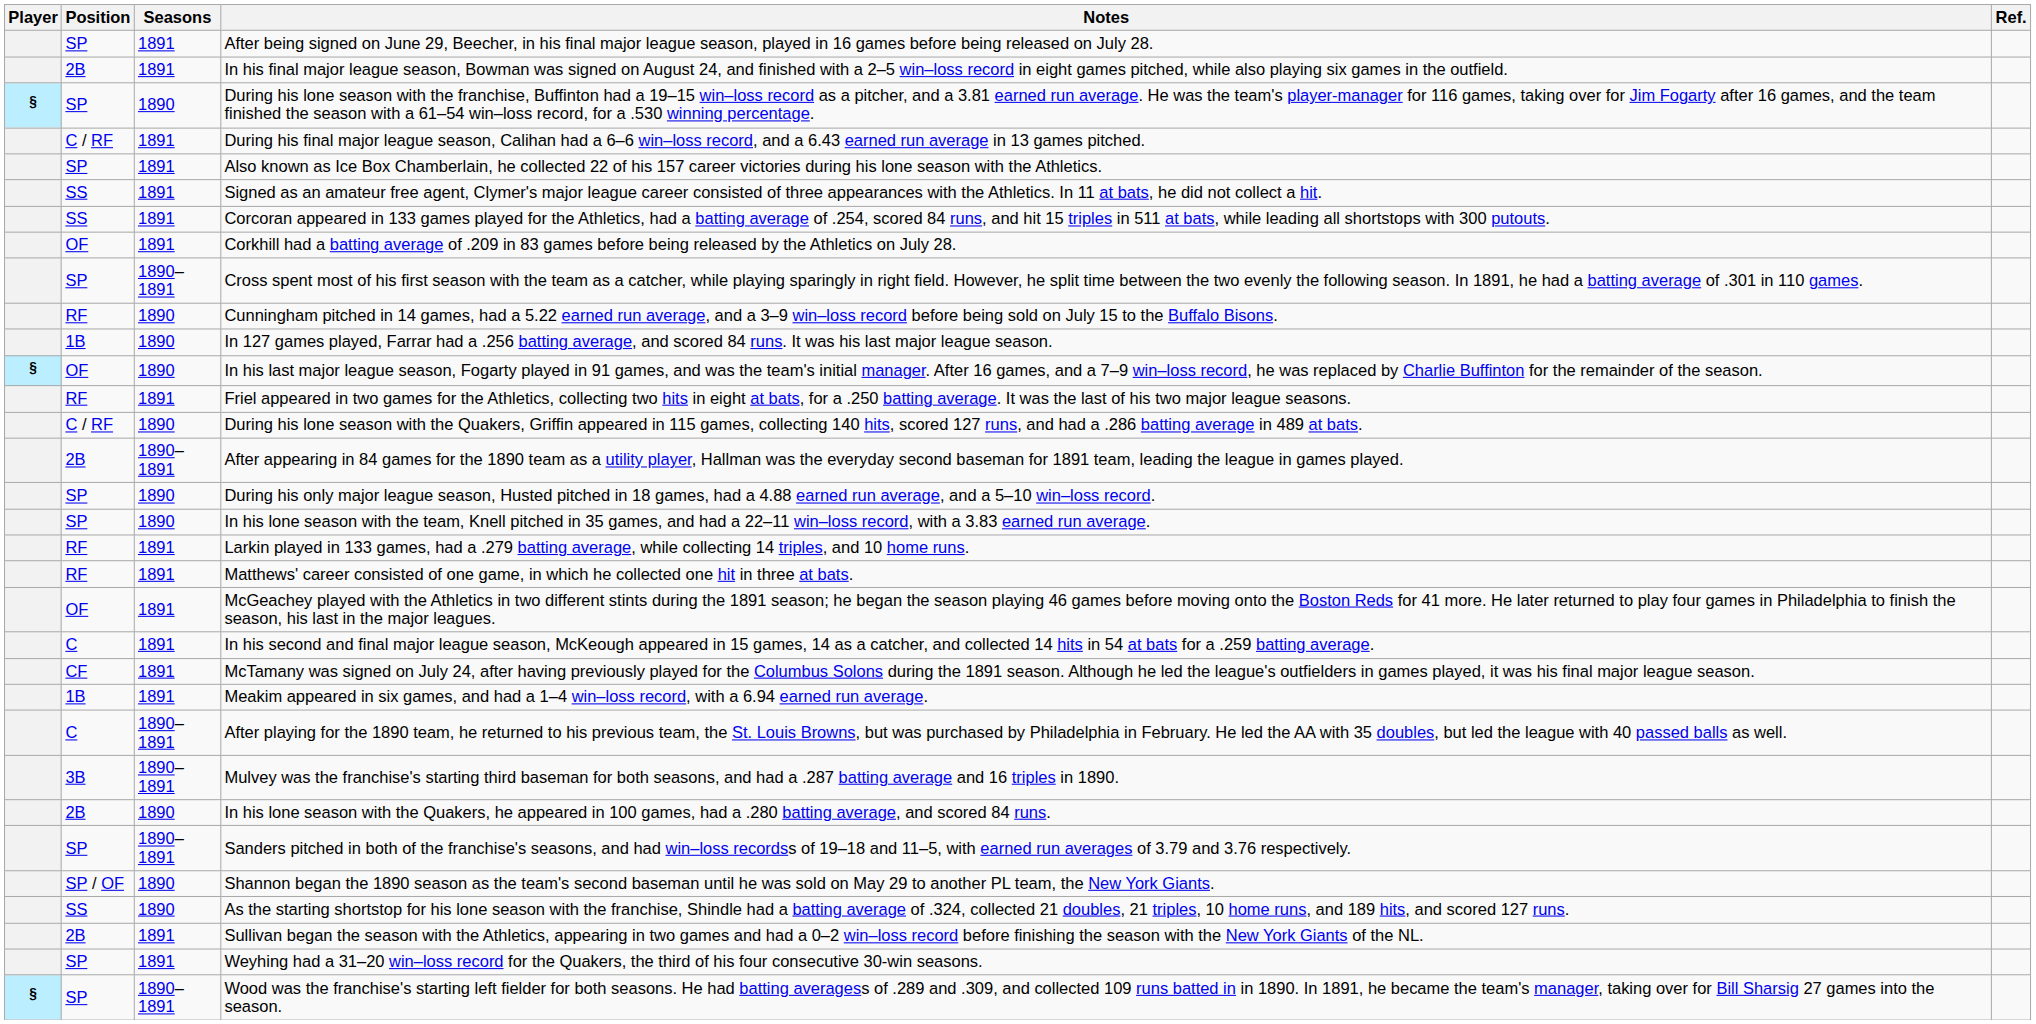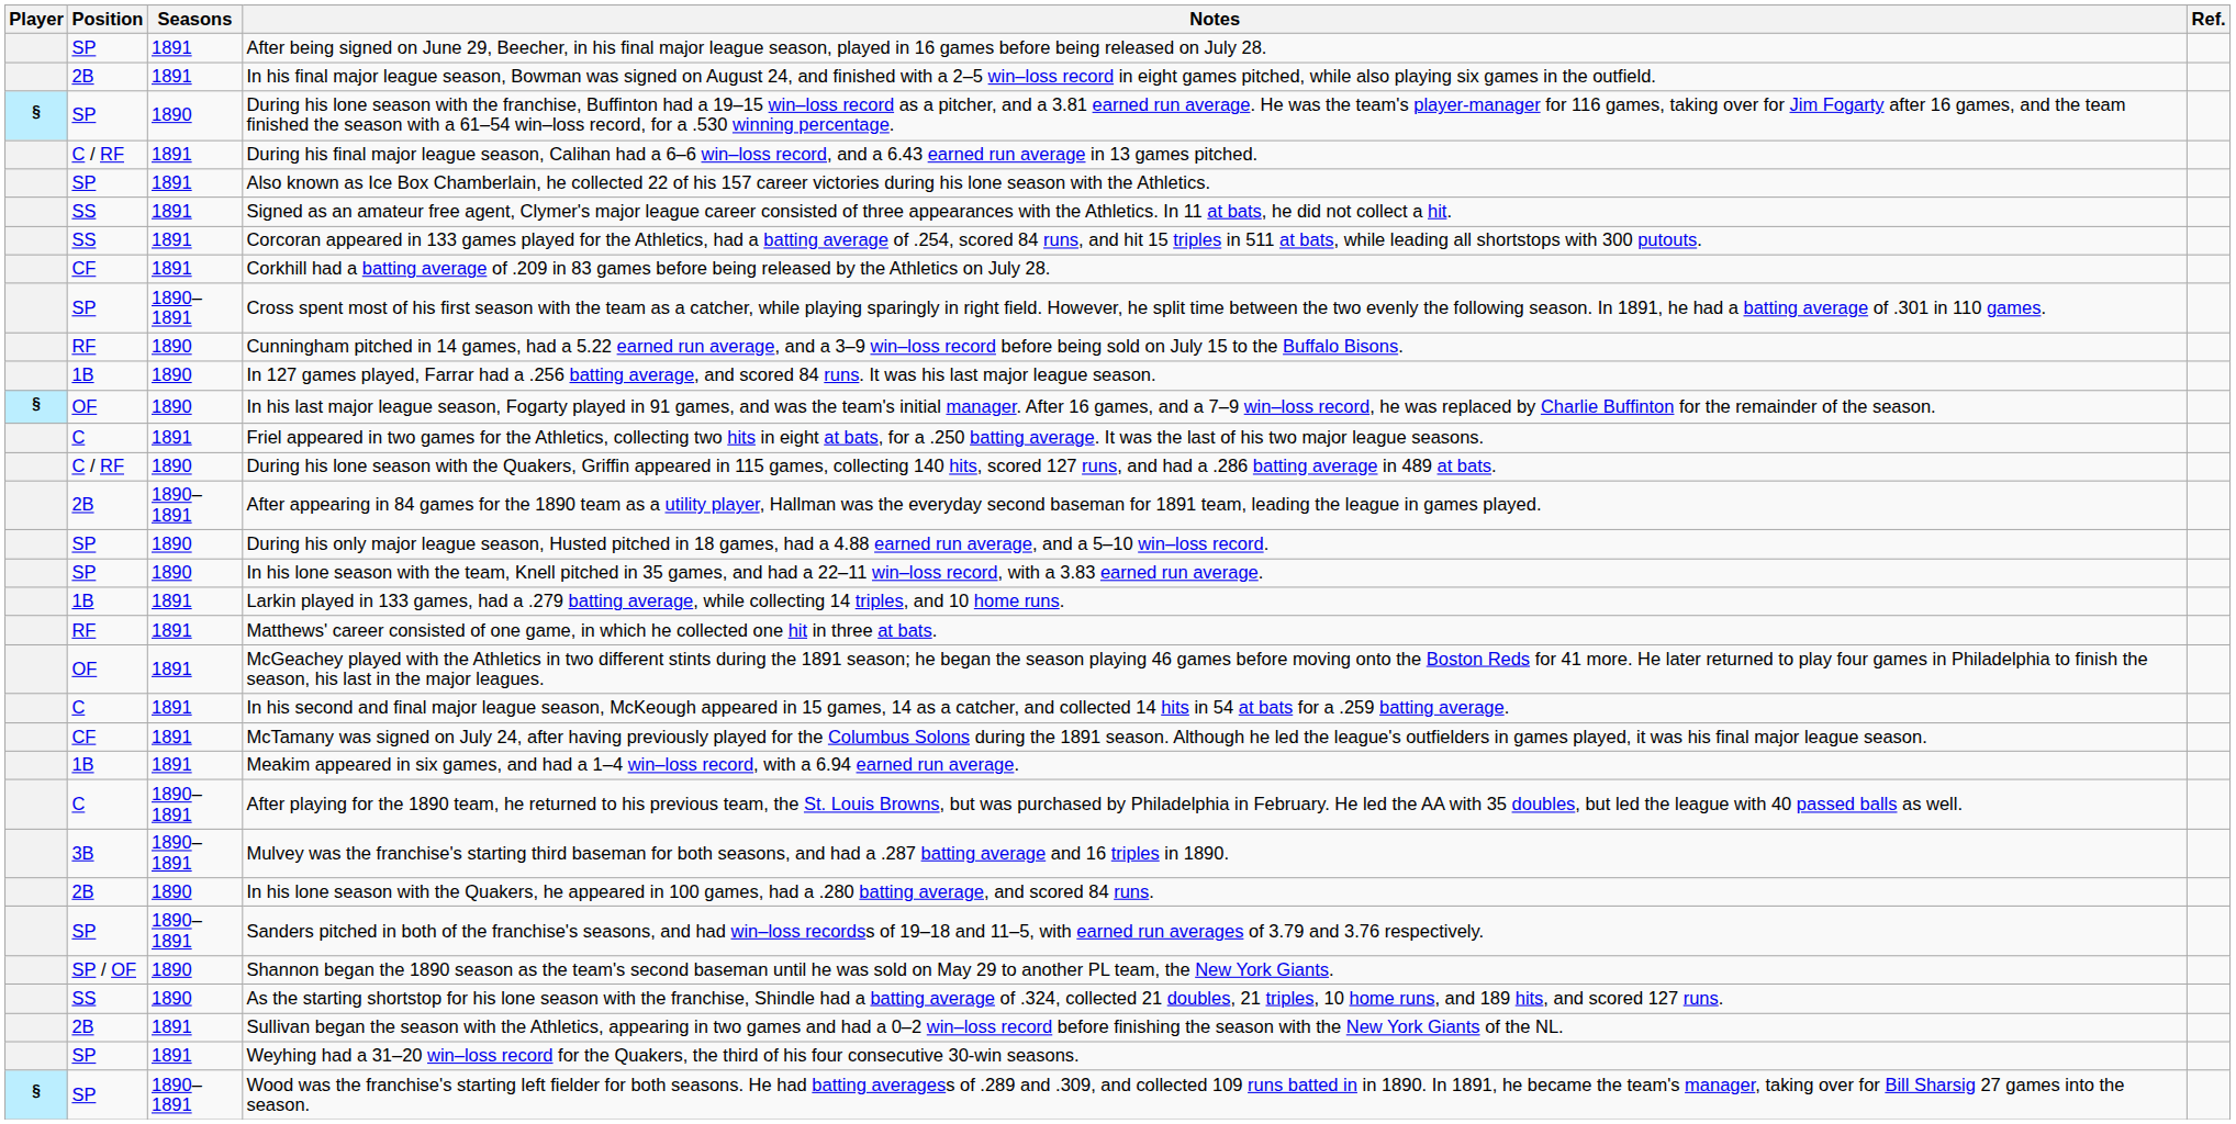 <table class="wikitable sortable plainrowheaders" border="1">
 <tr>
 <th scope="col">Player</th>
 <th scope="col">Position</th>
 <th scope="col">Seasons</th>
 <th scope="col"; class="unsortable">Notes</th>
 <th scope="col"; class="unsortable">Ref.</th>
 </tr>
 <tr>
 <th scope="row"></th>
 <td><a href='#'>SP</a></td>
 <td><a href='#'>1891</a></td>
 <td>After being signed on June 29, Beecher, in his final major league season, played in 16 games before being released on July 28.</td>
 <td align="center"></td>
 </tr>
 <tr>
 <th scope="row"></th>
 <td><a href='#'>2B</a></td>
 <td><a href='#'>1891</a></td>
 <td>In his final major league season, Bowman was signed on August 24, and finished with a 2–5 <a href='#'>win–loss record</a> in eight games pitched, while also playing six games in the outfield.</td>
 <td align="center"></td>
 </tr>
 <tr>
 <th scope="row" style="background-color:#bbeeff"><sup>§</sup></th>
 <td><a href='#'>SP</a></td>
 <td><a href='#'>1890</a></td>
 <td>During his lone season with the franchise, Buffinton had a 19–15 <a href='#'>win–loss record</a> as a pitcher, and a 3.81 <a href='#'>earned run average</a>.  He was the team's <a href='#'>player-manager</a> for 116 games, taking over for <a href='#'>Jim Fogarty</a> after 16 games, and the team finished the season with a 61–54 win–loss record, for a .530 <a href='#'>winning percentage</a>.</td>
 <td align="center"></td>
 </tr>
 <tr>
 <th scope="row"></th>
 <td><a href='#'>C</a> / <a href='#'>RF</a></td>
 <td><a href='#'>1891</a></td>
 <td>During his final major league season, Calihan had a 6–6 <a href='#'>win–loss record</a>, and a 6.43 <a href='#'>earned run average</a> in 13 games pitched.</td>
 <td align="center"></td>
 </tr>
 <tr>
 <th scope="row"></th>
 <td><a href='#'>SP</a></td>
 <td><a href='#'>1891</a></td>
 <td>Also known as Ice Box Chamberlain, he collected 22 of his 157 career victories during his lone season with the Athletics.</td>
 <td align="center"></td>
 </tr>
 <tr>
 <th scope="row"></th>
 <td><a href='#'>SS</a></td>
 <td><a href='#'>1891</a></td>
 <td>Signed as an amateur free agent, Clymer's major league career consisted of three appearances with the Athletics.  In 11 <a href='#'>at bats</a>, he did not collect a <a href='#'>hit</a>.</td>
 <td align="center"></td>
 </tr>
 <tr>
 <th scope="row"></th>
 <td><a href='#'>SS</a></td>
 <td><a href='#'>1891</a></td>
 <td>Corcoran appeared in 133 games played for the Athletics, had a <a href='#'>batting average</a> of .254, scored 84 <a href='#'>runs</a>, and hit 15 <a href='#'>triples</a> in 511 <a href='#'>at bats</a>, while leading all shortstops with 300 <a href='#'>putouts</a>.</td>
 <td align="center"></td>
 </tr>
 <tr>
 <th scope="row"></th>
-<td><a href='#'>OF</a></td>
+<td><a href='#'>CF</a></td>
 <td><a href='#'>1891</a></td>
 <td>Corkhill had a <a href='#'>batting average</a> of .209 in 83 games before being released by the Athletics on July 28.</td>
 <td align="center"></td>
 </tr>
 <tr>
 <th scope="row"></th>
 <td><a href='#'>SP</a></td>
 <td><a href='#'>1890</a>–<a href='#'>1891</a></td>
 <td>Cross spent most of his first season with the team as a catcher, while playing sparingly in right field.  However, he split time between the two evenly the following season.  In 1891, he had a <a href='#'>batting average</a> of .301 in 110 <a href='#'>games</a>.</td>
 <td align="center"></td>
 </tr>
 <tr>
 <th scope="row"></th>
 <td><a href='#'>RF</a></td>
 <td><a href='#'>1890</a></td>
 <td>Cunningham pitched in 14 games, had a 5.22 <a href='#'>earned run average</a>, and a 3–9 <a href='#'>win–loss record</a> before being sold on July 15 to the <a href='#'>Buffalo Bisons</a>.</td>
 <td align="center"></td>
 </tr>
 <tr>
 <th scope="row"></th>
 <td><a href='#'>1B</a></td>
 <td><a href='#'>1890</a></td>
 <td>In 127 games played, Farrar had a .256 <a href='#'>batting average</a>, and scored 84 <a href='#'>runs</a>.  It was his last major league season.</td>
 <td align="center"></td>
 </tr>
 <tr>
 <th scope="row" style="background-color:#bbeeff"><sup>§</sup></th>
 <td><a href='#'>OF</a></td>
 <td><a href='#'>1890</a></td>
 <td>In his last major league season, Fogarty played in 91 games, and was the team's initial <a href='#'>manager</a>.  After 16 games, and a 7–9 <a href='#'>win–loss record</a>, he was replaced by <a href='#'>Charlie Buffinton</a> for the remainder of the season.</td>
 <td align="center"></td>
 </tr>
 <tr>
 <th scope="row"></th>
-<td><a href='#'>RF</a></td>
+<td><a href='#'>C</a></td>
 <td><a href='#'>1891</a></td>
 <td>Friel appeared in two games for the Athletics, collecting two <a href='#'>hits</a> in eight <a href='#'>at bats</a>, for a .250 <a href='#'>batting average</a>.  It was the last of his two major league seasons.</td>
 <td align="center"></td>
 </tr>
 <tr>
 <th scope="row"></th>
 <td><a href='#'>C</a> / <a href='#'>RF</a></td>
 <td><a href='#'>1890</a></td>
 <td>During his lone season with the Quakers, Griffin appeared in 115 games, collecting 140 <a href='#'>hits</a>, scored 127 <a href='#'>runs</a>, and had a .286 <a href='#'>batting average</a> in 489 <a href='#'>at bats</a>.</td>
 <td align="center"></td>
 </tr>
 <tr>
 <th scope="row"></th>
 <td><a href='#'>2B</a></td>
 <td><a href='#'>1890</a>–<a href='#'>1891</a></td>
 <td>After appearing in 84 games for the 1890 team as a <a href='#'>utility player</a>, Hallman was the everyday second baseman for 1891 team, leading the league in games played.</td>
 <td align="center"></td>
 </tr>
 <tr>
 <th scope="row"></th>
 <td><a href='#'>SP</a></td>
 <td><a href='#'>1890</a></td>
 <td>During his only major league season, Husted pitched in 18 games, had a 4.88 <a href='#'>earned run average</a>, and a 5–10 <a href='#'>win–loss record</a>.</td>
 <td align="center"></td>
 </tr>
 <tr>
 <th scope="row"></th>
 <td><a href='#'>SP</a></td>
 <td><a href='#'>1890</a></td>
 <td>In his lone season with the team, Knell pitched in 35 games, and had a 22–11 <a href='#'>win–loss record</a>, with a 3.83 <a href='#'>earned run average</a>.</td>
 <td align="center"></td>
 </tr>
 <tr>
 <th scope="row"></th>
-<td><a href='#'>RF</a></td>
+<td><a href='#'>1B</a></td>
 <td><a href='#'>1891</a></td>
 <td>Larkin played in 133 games, had a .279 <a href='#'>batting average</a>, while collecting 14 <a href='#'>triples</a>, and 10 <a href='#'>home runs</a>.</td>
 <td align="center"></td>
 </tr>
 <tr>
 <th scope="row"></th>
 <td><a href='#'>RF</a></td>
 <td><a href='#'>1891</a></td>
 <td>Matthews' career consisted of one game, in which he collected one <a href='#'>hit</a> in three <a href='#'>at bats</a>.</td>
 <td align="center"></td>
 </tr>
 <tr>
 <th scope="row"></th>
 <td><a href='#'>OF</a></td>
 <td><a href='#'>1891</a></td>
 <td>McGeachey played with the Athletics in two different stints during the 1891 season; he began the season playing 46 games before moving onto the <a href='#'>Boston Reds</a> for 41 more.  He later returned to play four games in Philadelphia to finish the season, his last in the major leagues.</td>
 <td align="center"></td>
 </tr>
 <tr>
 <th scope="row"></th>
 <td><a href='#'>C</a></td>
 <td><a href='#'>1891</a></td>
 <td>In his second and final major league season, McKeough appeared in 15 games, 14 as a catcher, and collected 14 <a href='#'>hits</a> in 54 <a href='#'>at bats</a> for a .259 <a href='#'>batting average</a>.</td>
 <td align="center"></td>
 </tr>
 <tr>
 <th scope="row"></th>
 <td><a href='#'>CF</a></td>
 <td><a href='#'>1891</a></td>
 <td>McTamany was signed on July 24, after having previously played for the <a href='#'>Columbus Solons</a> during the 1891 season.  Although he led the league's outfielders in games played, it was his final major league season.</td>
 <td align="center"></td>
 </tr>
 <tr>
 <th scope="row"></th>
 <td><a href='#'>1B</a></td>
 <td><a href='#'>1891</a></td>
 <td>Meakim appeared in six games, and had a 1–4 <a href='#'>win–loss record</a>, with a 6.94 <a href='#'>earned run average</a>.</td>
 <td align="center"></td>
 </tr>
 <tr>
 <th scope="row"></th>
 <td><a href='#'>C</a></td>
 <td><a href='#'>1890</a>–<a href='#'>1891</a></td>
 <td>After playing for the 1890 team, he returned to his previous team, the <a href='#'>St. Louis Browns</a>, but was purchased by Philadelphia in February.  He led the AA with 35 <a href='#'>doubles</a>, but led the league with 40 <a href='#'>passed balls</a> as well.</td>
 <td align=center></td>
 </tr>
 <tr>
 <th scope="row"></th>
 <td><a href='#'>3B</a></td>
 <td><a href='#'>1890</a>–<a href='#'>1891</a></td>
 <td>Mulvey was the franchise's starting third baseman for both seasons, and had a .287 <a href='#'>batting average</a> and 16 <a href='#'>triples</a> in 1890.</td>
 <td align="center"></td>
 </tr>
 <tr>
 <th scope="row"></th>
 <td><a href='#'>2B</a></td>
 <td><a href='#'>1890</a></td>
 <td>In his lone season with the Quakers, he appeared in 100 games, had a .280 <a href='#'>batting average</a>, and scored 84 <a href='#'>runs</a>.</td>
 <td align="center"></td>
 </tr>
 <tr>
 <th scope="row"></th>
 <td><a href='#'>SP</a></td>
 <td><a href='#'>1890</a>–<a href='#'>1891</a></td>
 <td>Sanders pitched in both of the franchise's seasons, and had <a href='#'>win–loss records</a>s of 19–18 and 11–5, with <a href='#'>earned run averages</a> of 3.79 and 3.76 respectively.</td>
 <td align="center"></td>
 </tr>
 <tr>
 <th scope="row"></th>
 <td><a href='#'>SP</a> / <a href='#'>OF</a></td>
 <td><a href='#'>1890</a></td>
 <td>Shannon began the 1890 season as the team's second baseman until he was sold on May 29 to another PL team, the <a href='#'>New York Giants</a>.</td>
 <td align="center"></td>
 </tr>
 <tr>
 <th scope="row"></th>
 <td><a href='#'>SS</a></td>
 <td><a href='#'>1890</a></td>
 <td>As the starting shortstop for his lone season with the franchise, Shindle had a <a href='#'>batting average</a> of .324, collected 21 <a href='#'>doubles</a>, 21 <a href='#'>triples</a>, 10 <a href='#'>home runs</a>, and 189 <a href='#'>hits</a>, and scored 127 <a href='#'>runs</a>.</td>
 <td align="center"></td>
 </tr>
 <tr>
 <th scope="row"></th>
 <td><a href='#'>2B</a></td>
 <td><a href='#'>1891</a></td>
 <td>Sullivan began the season with the Athletics, appearing in two games and had a 0–2 <a href='#'>win–loss record</a> before finishing the season with the <a href='#'>New York Giants</a> of the NL.</td>
 <td align="center"></td>
 </tr>
 <tr>
 <th scope="row"></th>
 <td><a href='#'>SP</a></td>
 <td><a href='#'>1891</a></td>
 <td>Weyhing had a 31–20 <a href='#'>win–loss record</a> for the Quakers, the third of his four consecutive 30-win seasons.</td>
 <td align="center"></td>
 </tr>
 <tr>
 <th scope="row" style="background-color:#bbeeff"><sup>§</sup></th>
 <td><a href='#'>SP</a></td>
 <td><a href='#'>1890</a>–<a href='#'>1891</a></td>
 <td>Wood was the franchise's starting left fielder for both seasons.  He had <a href='#'>batting averages</a>s of .289 and .309, and collected 109 <a href='#'>runs batted in</a> in 1890.  In 1891, he became the team's <a href='#'>manager</a>, taking over for <a href='#'>Bill Sharsig</a> 27 games into the season.</td>
 <td align="center"></td>
 </tr>
 </table>
